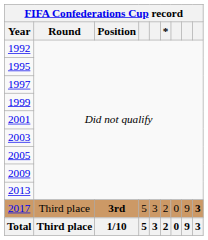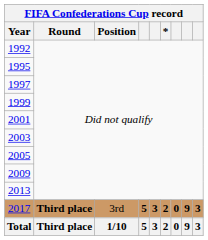 <table class="wikitable" style="text-align: center;">
 <tr>
 <th colspan="10"><a href='#'>FIFA Confederations Cup</a> record</th>
 </tr>
 <tr>
 <th>Year</th>
 <th>Round</th>
 <th>Position</th>
 <th></th>
 <th></th>
 <th>*</th>
 <th></th>
 <th></th>
 <th></th>
 </tr>
 <tr>
 <td> <a href='#'>1992</a></td>
 <td colspan="8" rowspan="9"><em>Did not qualify</em></td>
 </tr>
 <tr>
 <td> <a href='#'>1995</a></td>
 </tr>
 <tr>
 <td> <a href='#'>1997</a></td>
 </tr>
 <tr>
 <td> <a href='#'>1999</a></td>
 </tr>
 <tr>
 <td> <a href='#'>2001</a></td>
 </tr>
 <tr>
 <td> <a href='#'>2003</a></td>
 </tr>
 <tr>
 <td> <a href='#'>2005</a></td>
 </tr>
 <tr>
 <td> <a href='#'>2009</a></td>
 </tr>
 <tr>
 <td> <a href='#'>2013</a></td>
 </tr>
 <tr style="background:#cc9966">
 <td> <a href='#'>2017</a></td>
-<td>Third place</td>
-<td><strong>3rd</strong></td>
-<td>5</td>
-<td>3</td>
-<td>2</td>
-<td>0</td>
-<td>9</td>
+<td><strong>Third place</strong></td>
+<td>3rd</td>
+<td><strong>5</strong></td>
+<td><strong>3</strong></td>
+<td><strong>2</strong></td>
+<td><strong>0</strong></td>
+<td><strong>9</strong></td>
 <td><strong>3</strong></td>
 </tr>
 <tr>
 <th>Total</th>
 <th>Third place</th>
 <th>1/10</th>
 <th>5</th>
 <th>3</th>
 <th>2</th>
 <th>0</th>
 <th>9</th>
 <th>3</th>
 </tr>
 </table>
